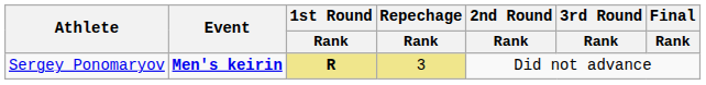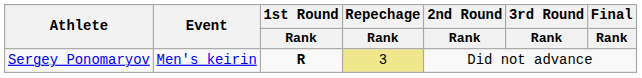 <table class="wikitable" style="font-size:90%">
 <tr>
 <th rowspan=2>Athlete</th>
 <th rowspan=2>Event</th>
 <th>1st Round</th>
 <th>Repechage</th>
 <th>2nd Round</th>
 <th>3rd Round</th>
 <th>Final</th>
 </tr>
 <tr style="font-size:95%">
 <th>Rank</th>
 <th>Rank</th>
 <th>Rank</th>
 <th>Rank</th>
 <th>Rank</th>
 </tr>
 <tr align=center>
 <td align=left><a href='#'>Sergey Ponomaryov</a></td>
-<td align=left><strong><a href='#'>Men's keirin</a></strong></td>
-<td style="background: khaki;"> <strong>R</strong></td>
+<td align=left><a href='#'>Men's keirin</a></td>
+<td> <strong>R</strong></td>
 <td style="background: khaki;">3</td>
 <td colspan=3>Did not advance</td>
 </tr>
 </table>
